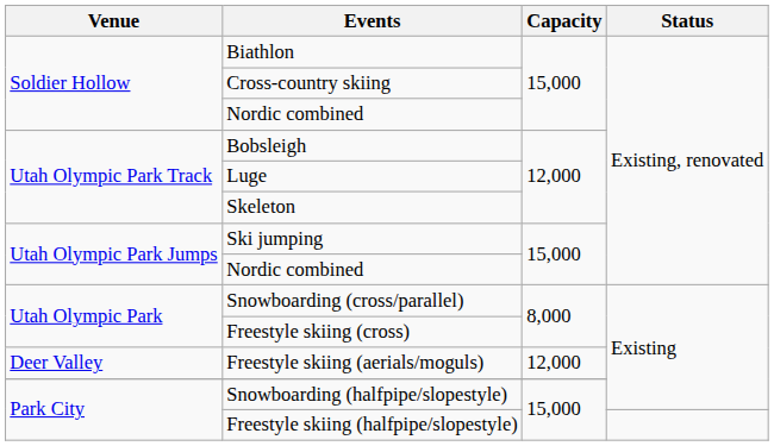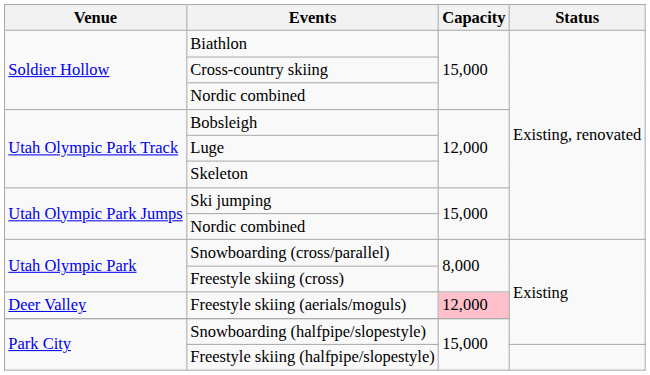 <table class="wikitable sortable">
 <tr>
 <th>Venue</th>
 <th>Events</th>
 <th>Capacity</th>
 <th>Status</th>
 </tr>
 <tr>
 <td rowspan="3"><a href='#'>Soldier Hollow</a></td>
 <td>Biathlon</td>
 <td rowspan="3">15,000</td>
 <td rowspan="8">Existing, renovated</td>
 </tr>
 <tr>
 <td>Cross-country skiing</td>
 </tr>
 <tr>
 <td>Nordic combined</td>
 </tr>
 <tr>
 <td rowspan="3"><a href='#'>Utah Olympic Park Track</a></td>
 <td>Bobsleigh</td>
 <td rowspan="3">12,000</td>
 </tr>
 <tr>
 <td>Luge</td>
 </tr>
 <tr>
 <td>Skeleton</td>
 </tr>
 <tr>
 <td rowspan="2"><a href='#'>Utah Olympic Park Jumps</a></td>
 <td>Ski jumping</td>
 <td rowspan="2">15,000</td>
 </tr>
 <tr>
 <td>Nordic combined</td>
 </tr>
 <tr>
 <td rowspan="2"><a href='#'>Utah Olympic Park</a></td>
 <td>Snowboarding (cross/parallel)</td>
 <td rowspan="2">8,000</td>
 <td rowspan="5">Existing</td>
 </tr>
 <tr>
 <td>Freestyle skiing (cross)</td>
 </tr>
 <tr>
 <td><a href='#'>Deer Valley</a></td>
 <td>Freestyle skiing (aerials/moguls)</td>
-<td>12,000</td>
+<td style="background: pink;">12,000</td>
 </tr>
 <tr>
 </tr>
 <tr>
 <td rowspan="2"><a href='#'>Park City</a></td>
 <td>Snowboarding (halfpipe/slopestyle)</td>
 <td rowspan="2">15,000</td>
 </tr>
 <tr>
 <td>Freestyle skiing (halfpipe/slopestyle)</td>
 </tr>
 </table>
